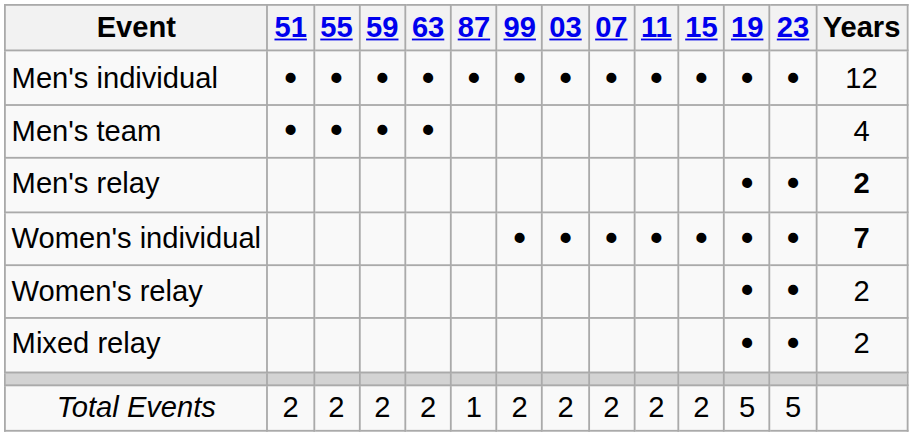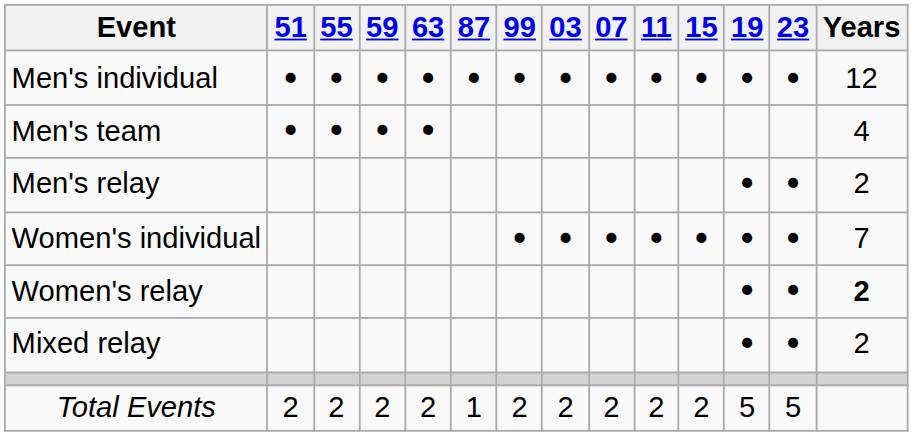 <table class="wikitable" style="text-align:center">
 <tr>
 <th>Event</th>
 <th><a href='#'>51</a></th>
 <th><a href='#'>55</a></th>
 <th><a href='#'>59</a></th>
 <th><a href='#'>63</a></th>
 <th><a href='#'>87</a></th>
 <th><a href='#'>99</a></th>
 <th><a href='#'>03</a></th>
 <th><a href='#'>07</a></th>
 <th><a href='#'>11</a></th>
 <th><a href='#'>15</a></th>
 <th><a href='#'>19</a></th>
 <th><a href='#'>23</a></th>
 <th>Years</th>
 </tr>
 <tr>
 <td align=left>Men's individual</td>
 <td><big><strong>•</strong></big></td>
 <td><big><strong>•</strong></big></td>
 <td><big><strong>•</strong></big></td>
 <td><big><strong>•</strong></big></td>
 <td><big><strong>•</strong></big></td>
 <td><big><strong>•</strong></big></td>
 <td><big><strong>•</strong></big></td>
 <td><big><strong>•</strong></big></td>
 <td><big><strong>•</strong></big></td>
 <td><big><strong>•</strong></big></td>
 <td><big><strong>•</strong></big></td>
 <td><big><strong>•</strong></big></td>
 <td>12</td>
 </tr>
 <tr>
 <td align=left>Men's team</td>
 <td><big><strong>•</strong></big></td>
 <td><big><strong>•</strong></big></td>
 <td><big><strong>•</strong></big></td>
 <td><big><strong>•</strong></big></td>
 <td></td>
 <td></td>
 <td></td>
 <td></td>
 <td></td>
 <td></td>
 <td></td>
 <td></td>
 <td>4</td>
 </tr>
 <tr>
 <td align=left>Men's relay</td>
 <td></td>
 <td></td>
 <td></td>
 <td></td>
 <td></td>
 <td></td>
 <td></td>
 <td></td>
 <td></td>
 <td></td>
 <td><big><strong>•</strong></big></td>
 <td><big><strong>•</strong></big></td>
-<td><strong>2</strong></td>
+<td>2</td>
 </tr>
 <tr>
 <td align=left>Women's individual</td>
 <td></td>
 <td></td>
 <td></td>
 <td></td>
 <td></td>
 <td><big><strong>•</strong></big></td>
 <td><big><strong>•</strong></big></td>
 <td><big><strong>•</strong></big></td>
 <td><big><strong>•</strong></big></td>
 <td><big><strong>•</strong></big></td>
 <td><big><strong>•</strong></big></td>
 <td><big><strong>•</strong></big></td>
-<td><strong>7</strong></td>
+<td>7</td>
 </tr>
 <tr>
 <td align=left>Women's relay</td>
 <td></td>
 <td></td>
 <td></td>
 <td></td>
 <td></td>
 <td></td>
 <td></td>
 <td></td>
 <td></td>
 <td></td>
 <td><big><strong>•</strong></big></td>
 <td><big><strong>•</strong></big></td>
-<td>2</td>
+<td><strong>2</strong></td>
 </tr>
 <tr>
 <td align=left>Mixed relay</td>
 <td></td>
 <td></td>
 <td></td>
 <td></td>
 <td></td>
 <td></td>
 <td></td>
 <td></td>
 <td></td>
 <td></td>
 <td><big><strong>•</strong></big></td>
 <td><big><strong>•</strong></big></td>
 <td>2</td>
 </tr>
 <tr bgcolor=lightgray>
 <td></td>
 <td></td>
 <td></td>
 <td></td>
 <td></td>
 <td></td>
 <td></td>
 <td></td>
 <td></td>
 <td></td>
 <td></td>
 <td></td>
 <td></td>
 <td></td>
 </tr>
 <tr>
 <td><em>Total Events</em></td>
 <td>2</td>
 <td>2</td>
 <td>2</td>
 <td>2</td>
 <td>1</td>
 <td>2</td>
 <td>2</td>
 <td>2</td>
 <td>2</td>
 <td>2</td>
 <td>5</td>
 <td>5</td>
 </tr>
 </table>
